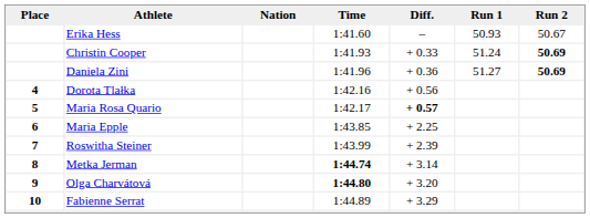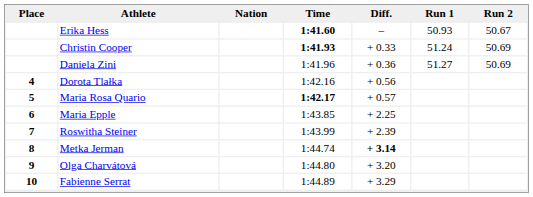 <table style="border-style:solid;border-width:1px;border-color:#808080;background-color:#EFEFEF" cellspacing="2" cellpadding="2" width="750px">
 <tr bgcolor="#EFEFEF">
 <th>Place</th>
 <th>Athlete</th>
 <th>Nation</th>
 <th>Time</th>
 <th>Diff.</th>
 <th>Run 1</th>
 <th>Run 2</th>
 </tr>
 <tr align="center" valign="top" bgcolor="#FFFFFF">
 <th></th>
 <td align="left"><a href='#'>Erika Hess</a></td>
 <td align="left"></td>
-<td>1:41.60</td>
+<td><strong>1:41.60</strong></td>
 <td>–</td>
 <td>50.93</td>
 <td>50.67</td>
 </tr>
 <tr align="center" valign="top" bgcolor="#FFFFFF">
 <th></th>
 <td align="left"><a href='#'>Christin Cooper</a></td>
 <td align="left"></td>
-<td>1:41.93</td>
+<td><strong>1:41.93</strong></td>
 <td>+ 0.33</td>
 <td>51.24</td>
-<td><strong>50.69</strong></td>
+<td>50.69</td>
 </tr>
 <tr align="center" valign="top" bgcolor="#FFFFFF">
 <th></th>
 <td align="left"><a href='#'>Daniela Zini</a></td>
 <td align="left"></td>
 <td>1:41.96</td>
 <td>+ 0.36</td>
 <td>51.27</td>
-<td><strong>50.69</strong></td>
+<td>50.69</td>
 </tr>
 <tr align="center" valign="top" bgcolor="#FFFFFF">
 <th>4</th>
 <td align="left"><a href='#'>Dorota Tlałka</a></td>
 <td align="left"></td>
 <td>1:42.16</td>
 <td>+ 0.56</td>
 <td></td>
 <td></td>
 </tr>
 <tr align="center" valign="top" bgcolor="#FFFFFF">
 <th>5</th>
 <td align="left"><a href='#'>Maria Rosa Quario</a></td>
 <td align="left"></td>
-<td>1:42.17</td>
-<td><strong>+ 0.57</strong></td>
+<td><strong>1:42.17</strong></td>
+<td>+ 0.57</td>
 <td></td>
 <td></td>
 </tr>
 <tr align="center" valign="top" bgcolor="#FFFFFF">
 <th>6</th>
 <td align="left"><a href='#'>Maria Epple</a></td>
 <td align="left"></td>
 <td>1:43.85</td>
 <td>+ 2.25</td>
 <td></td>
 <td></td>
 </tr>
 <tr align="center" valign="top" bgcolor="#FFFFFF">
 <th>7</th>
 <td align="left"><a href='#'>Roswitha Steiner</a></td>
 <td align="left"></td>
 <td>1:43.99</td>
 <td>+ 2.39</td>
 <td></td>
 <td></td>
 </tr>
 <tr align="center" valign="top" bgcolor="#FFFFFF">
 <th>8</th>
 <td align="left"><a href='#'>Metka Jerman</a></td>
 <td align="left"></td>
-<td><strong>1:44.74</strong></td>
-<td>+ 3.14</td>
+<td>1:44.74</td>
+<td><strong>+ 3.14</strong></td>
 <td></td>
 <td></td>
 </tr>
 <tr align="center" valign="top" bgcolor="#FFFFFF">
 <th>9</th>
 <td align="left"><a href='#'>Olga Charvátová</a></td>
 <td align="left"></td>
-<td><strong>1:44.80</strong></td>
+<td>1:44.80</td>
 <td>+ 3.20</td>
 <td></td>
 <td></td>
 </tr>
 <tr align="center" valign="top" bgcolor="#FFFFFF">
 <th>10</th>
 <td align="left"><a href='#'>Fabienne Serrat</a></td>
 <td align="left"></td>
 <td>1:44.89</td>
 <td>+ 3.29</td>
 <td></td>
 <td></td>
 </tr>
 <tr align="center" valign="top" bgcolor="#FFFFFF">
 </tr>
 </table>
